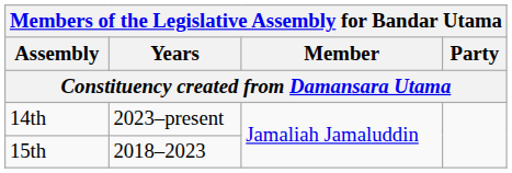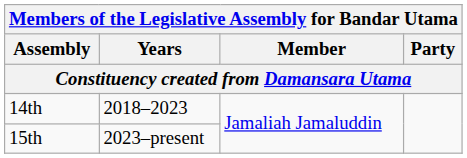 <table class="wikitable">
 <tr>
 <th colspan="4"><a href='#'>Members of the Legislative Assembly</a> for Bandar Utama</th>
 </tr>
 <tr>
 <th>Assembly</th>
 <th>Years</th>
 <th>Member</th>
 <th>Party</th>
 </tr>
 <tr>
 <th colspan="4" align="center"><em>Constituency created from <a href='#'>Damansara Utama</a></em></th>
 </tr>
 <tr>
 <td>14th</td>
-<td>2023–present</td>
+<td>2018–2023</td>
 <td rowspan=2><a href='#'>Jamaliah Jamaluddin</a></td>
 <td rowspan=2></td>
 </tr>
 <tr>
 <td>15th</td>
-<td>2018–2023</td>
+<td>2023–present</td>
 </tr>
 </table>
